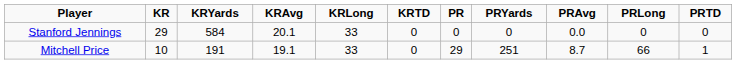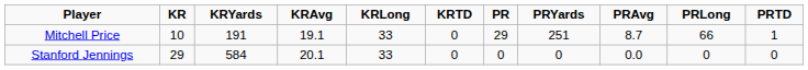 <table class="wikitable" width="80%">
 <tr align="center">
 <td><strong>Player</strong></td>
 <td><strong>KR</strong></td>
 <td><strong>KRYards</strong></td>
 <td><strong>KRAvg</strong></td>
 <td><strong>KRLong</strong></td>
 <td><strong>KRTD</strong></td>
 <td><strong>PR</strong></td>
 <td><strong>PRYards</strong></td>
 <td><strong>PRAvg</strong></td>
 <td><strong>PRLong</strong></td>
 <td><strong>PRTD</strong></td>
 </tr>
 <tr align="center" bgcolor="">
+<td><a href='#'>Mitchell Price</a></td>
+<td>10</td>
+<td>191</td>
+<td>19.1</td>
+<td>33</td>
+<td>0</td>
+<td>29</td>
+<td>251</td>
+<td>8.7</td>
+<td>66</td>
+<td>1</td>
+</tr>
+<tr align="center" bgcolor="">
 <td><a href='#'>Stanford Jennings</a></td>
 <td>29</td>
 <td>584</td>
 <td>20.1</td>
 <td>33</td>
 <td>0</td>
 <td>0</td>
 <td>0</td>
 <td>0.0</td>
 <td>0</td>
 <td>0</td>
 </tr>
-<tr align="center" bgcolor="">
-<td><a href='#'>Mitchell Price</a></td>
-<td>10</td>
-<td>191</td>
-<td>19.1</td>
-<td>33</td>
-<td>0</td>
-<td>29</td>
-<td>251</td>
-<td>8.7</td>
-<td>66</td>
-<td>1</td>
-</tr>
 </table>
